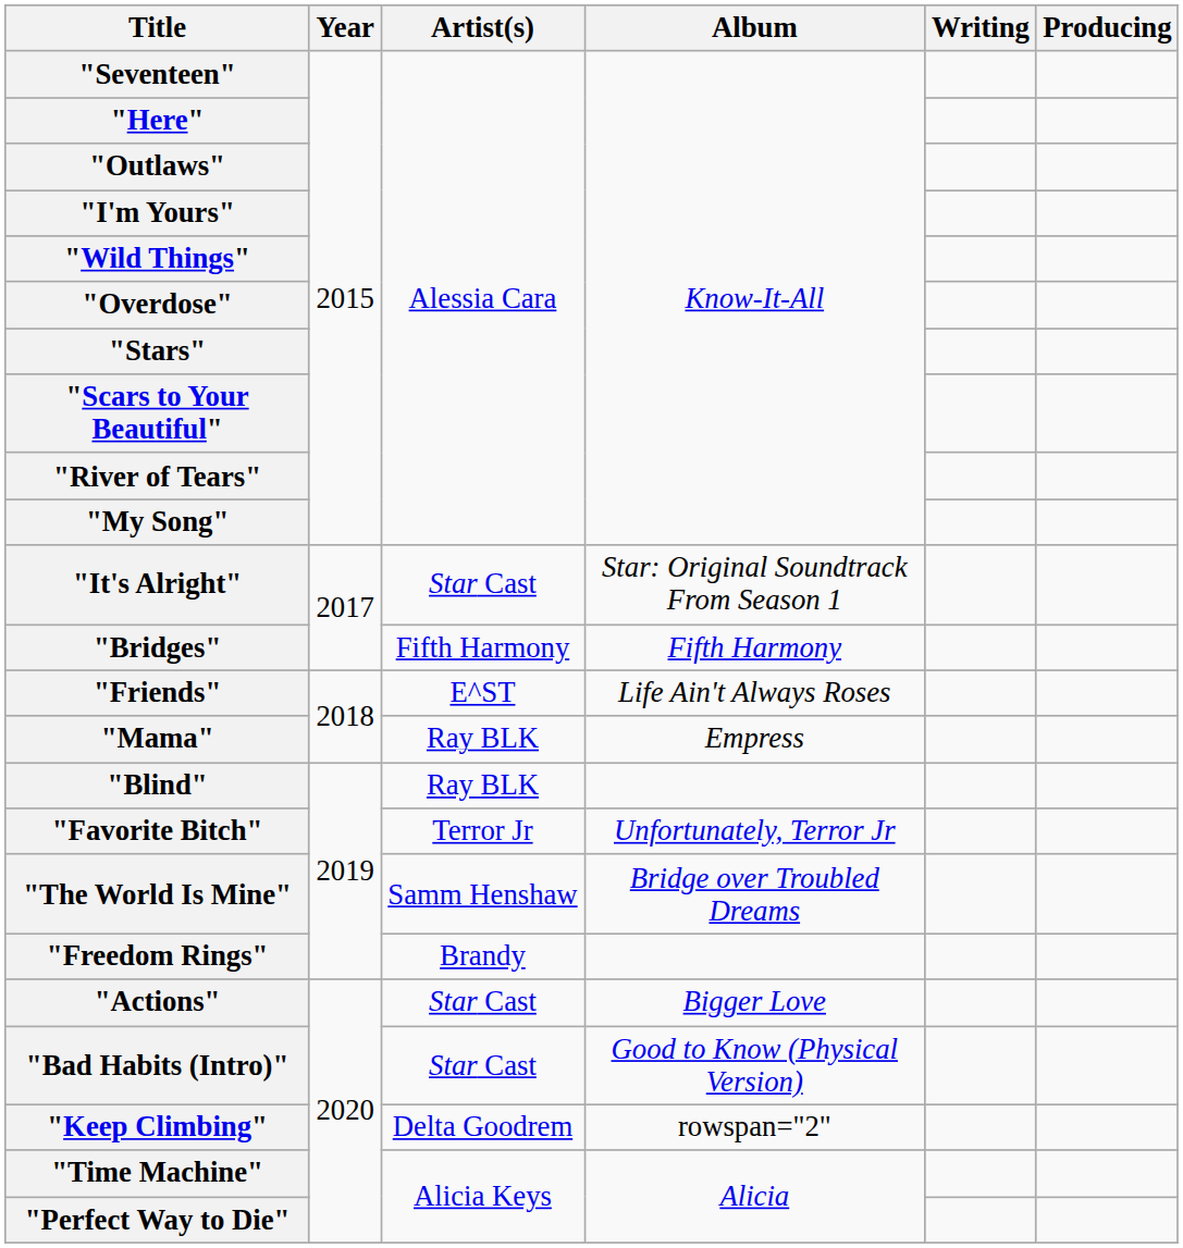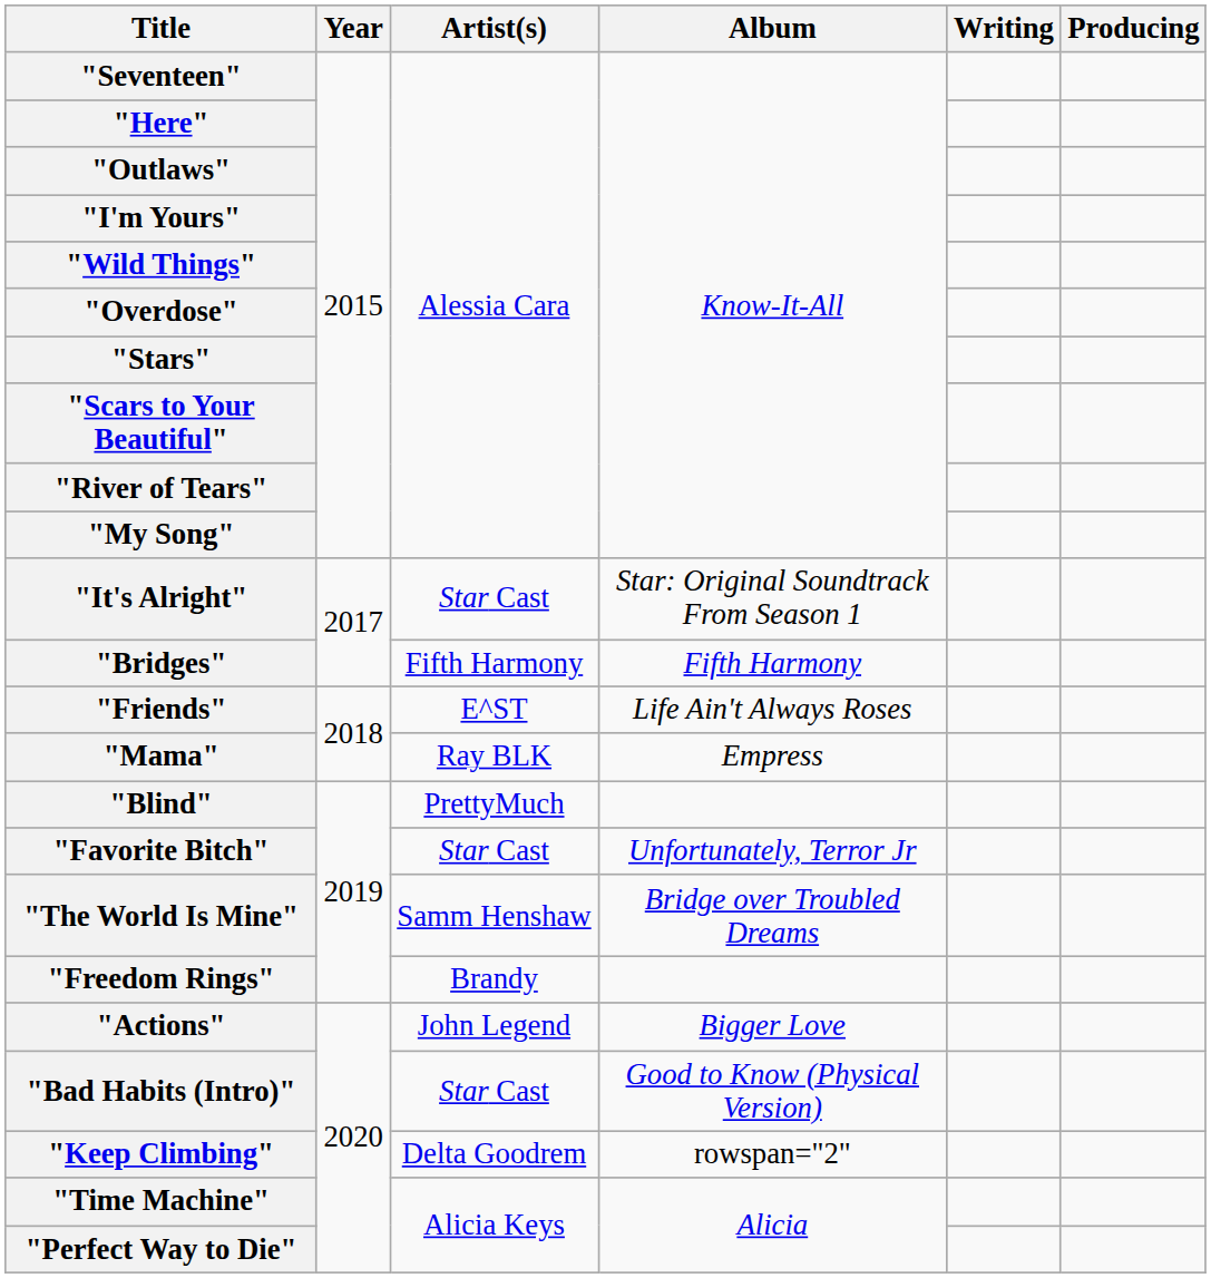 <table class="wikitable plainrowheaders" style="text-align:center;">
 <tr>
 <th scope="col" style="width:160px;">Title</th>
 <th scope="col">Year</th>
 <th scope="col">Artist(s)</th>
 <th scope="col" style="width:180px;">Album</th>
 <th scope="col">Writing</th>
 <th scope="col">Producing</th>
 </tr>
 <tr>
 <th scope="row">"Seventeen"</th>
 <td rowspan="10">2015</td>
 <td rowspan="10"><a href='#'>Alessia Cara</a></td>
 <td rowspan="10"><em><a href='#'>Know-It-All</a></em></td>
 <td></td>
 <td></td>
 </tr>
 <tr>
 <th scope="row">"<a href='#'>Here</a>"</th>
 <td></td>
 <td></td>
 </tr>
 <tr>
 <th scope="row">"Outlaws"</th>
 <td></td>
 <td></td>
 </tr>
 <tr>
 <th scope="row">"I'm Yours"</th>
 <td></td>
 <td></td>
 </tr>
 <tr>
 <th scope="row">"<a href='#'>Wild Things</a>"</th>
 <td></td>
 <td></td>
 </tr>
 <tr>
 <th scope="row">"Overdose"</th>
 <td></td>
 <td></td>
 </tr>
 <tr>
 <th scope="row">"Stars"</th>
 <td></td>
 <td></td>
 </tr>
 <tr>
 <th scope="row">"<a href='#'>Scars to Your Beautiful</a>"</th>
 <td></td>
 <td></td>
 </tr>
 <tr>
 <th scope="row">"River of Tears"</th>
 <td></td>
 <td></td>
 </tr>
 <tr>
 <th scope="row">"My Song"</th>
 <td></td>
 <td></td>
 </tr>
 <tr>
 <th scope="row">"It's Alright"</th>
 <td rowspan="2">2017</td>
 <td><a href='#'><em>Star</em> Cast</a></td>
 <td><em>Star: Original Soundtrack From Season 1</em></td>
 <td></td>
 <td></td>
 </tr>
 <tr>
 <th scope="row">"Bridges"</th>
 <td><a href='#'>Fifth Harmony</a></td>
 <td><em><a href='#'>Fifth Harmony</a></em></td>
 <td></td>
 <td></td>
 </tr>
 <tr>
 <th scope="row">"Friends"</th>
 <td rowspan="2">2018</td>
 <td><a href='#'>E^ST</a></td>
 <td><em>Life Ain't Always Roses</em></td>
 <td></td>
 <td></td>
 </tr>
 <tr>
 <th scope="row">"Mama"</th>
 <td><a href='#'>Ray BLK</a></td>
 <td><em>Empress</em></td>
 <td></td>
 <td></td>
 </tr>
 <tr>
 <th scope="row">"Blind"</th>
 <td rowspan="4">2019</td>
-<td><a href='#'>Ray BLK</a></td>
+<td><a href='#'>PrettyMuch</a></td>
 <td></td>
 <td></td>
 <td></td>
 </tr>
 <tr>
 <th scope="row">"Favorite Bitch"</th>
-<td><a href='#'>Terror Jr</a></td>
+<td><a href='#'><em>Star</em> Cast</a></td>
 <td><em><a href='#'>Unfortunately, Terror Jr</a></em></td>
 <td></td>
 <td></td>
 </tr>
 <tr>
 <th scope="row">"The World Is Mine"</th>
 <td><a href='#'>Samm Henshaw</a></td>
 <td><em><a href='#'>Bridge over Troubled Dreams</a></em></td>
 <td></td>
 <td></td>
 </tr>
 <tr>
 <th scope="row">"Freedom Rings"</th>
 <td><a href='#'>Brandy</a></td>
 <td></td>
 <td></td>
 </tr>
 <tr>
 <th scope="row">"Actions"</th>
 <td rowspan="5">2020</td>
-<td><a href='#'><em>Star</em> Cast</a></td>
+<td><a href='#'>John Legend</a></td>
 <td><em><a href='#'>Bigger Love</a></em></td>
 <td></td>
 <td></td>
 </tr>
 <tr>
 <th scope="row">"Bad Habits (Intro)"</th>
 <td><a href='#'><em>Star</em> Cast</a></td>
 <td><em><a href='#'>Good to Know (Physical Version)</a></em></td>
 <td></td>
 <td></td>
 </tr>
 <tr>
 <th scope="row">"<a href='#'>Keep Climbing</a>"</th>
 <td><a href='#'>Delta Goodrem</a></td>
 <td>rowspan="2" </td>
 <td></td>
 <td></td>
 </tr>
 <tr>
 <th scope="row">"Time Machine"</th>
 <td rowspan="2"><a href='#'>Alicia Keys</a></td>
 <td rowspan="2"><em><a href='#'>Alicia</a></em></td>
 <td></td>
 <td></td>
 </tr>
 <tr>
 <th scope="row">"Perfect Way to Die"</th>
 <td></td>
 <td></td>
 </tr>
 </table>
